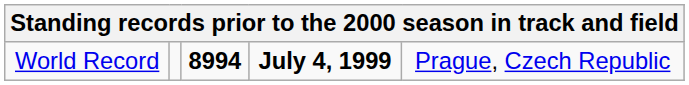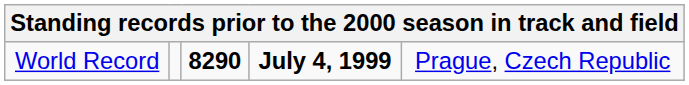 <table class="wikitable" style=" text-align:center;">
 <tr>
 <th colspan="5">Standing records prior to the 2000 season in track and field</th>
 </tr>
 <tr>
 <td><a href='#'>World Record</a></td>
 <td></td>
-<td><strong>8994</strong></td>
+<td><strong>8290</strong></td>
 <td><strong>July 4, 1999</strong></td>
 <td> <a href='#'>Prague</a>, <a href='#'>Czech Republic</a></td>
 </tr>
 </table>
